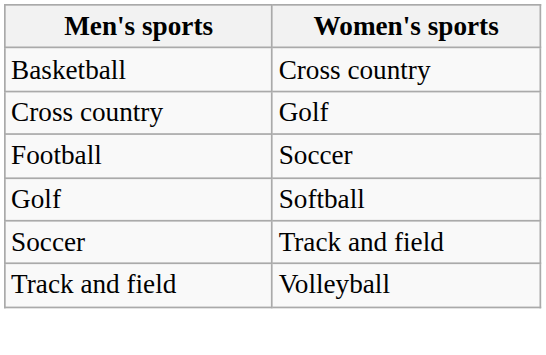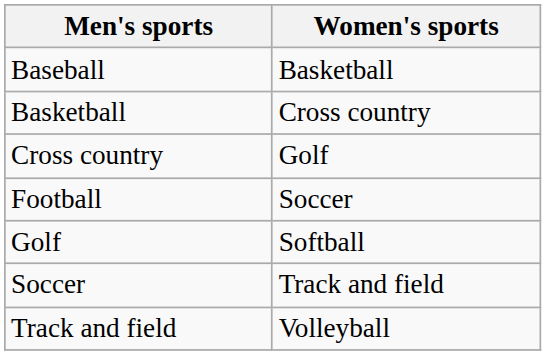 <table class="wikitable"; style= "text-align: ">
 <tr>
 <th width=150px>Men's sports</th>
 <th width=150px>Women's sports</th>
+</tr>
+<tr>
+<td>Baseball</td>
+<td>Basketball</td>
 </tr>
 <tr>
 <td>Basketball</td>
 <td>Cross country</td>
 </tr>
 <tr>
 <td>Cross country</td>
 <td>Golf</td>
 </tr>
 <tr>
 <td>Football</td>
 <td>Soccer</td>
 </tr>
 <tr>
 <td>Golf</td>
 <td>Softball</td>
 </tr>
 <tr>
 <td>Soccer</td>
 <td>Track and field</td>
 </tr>
 <tr>
 <td>Track and field</td>
 <td>Volleyball</td>
 </tr>
 </table>
